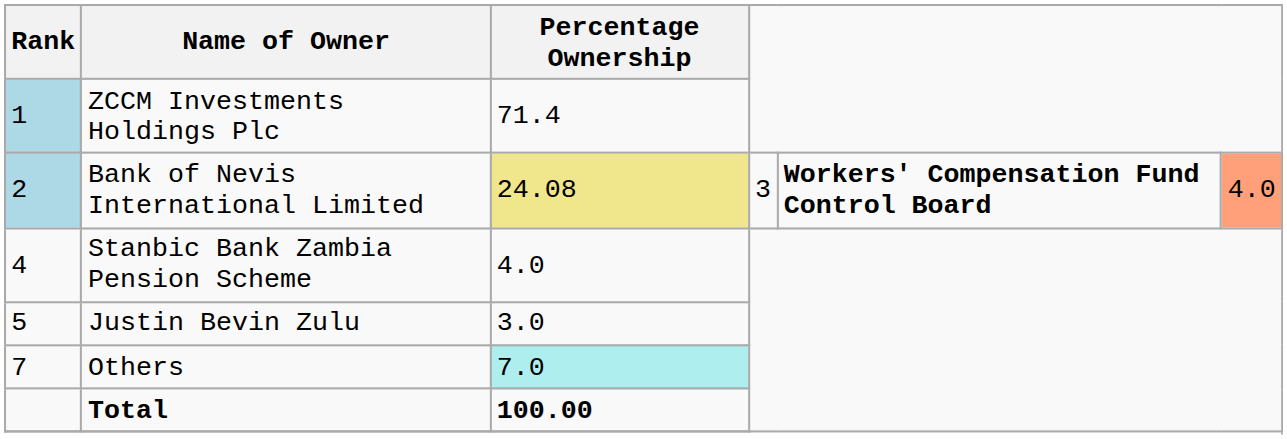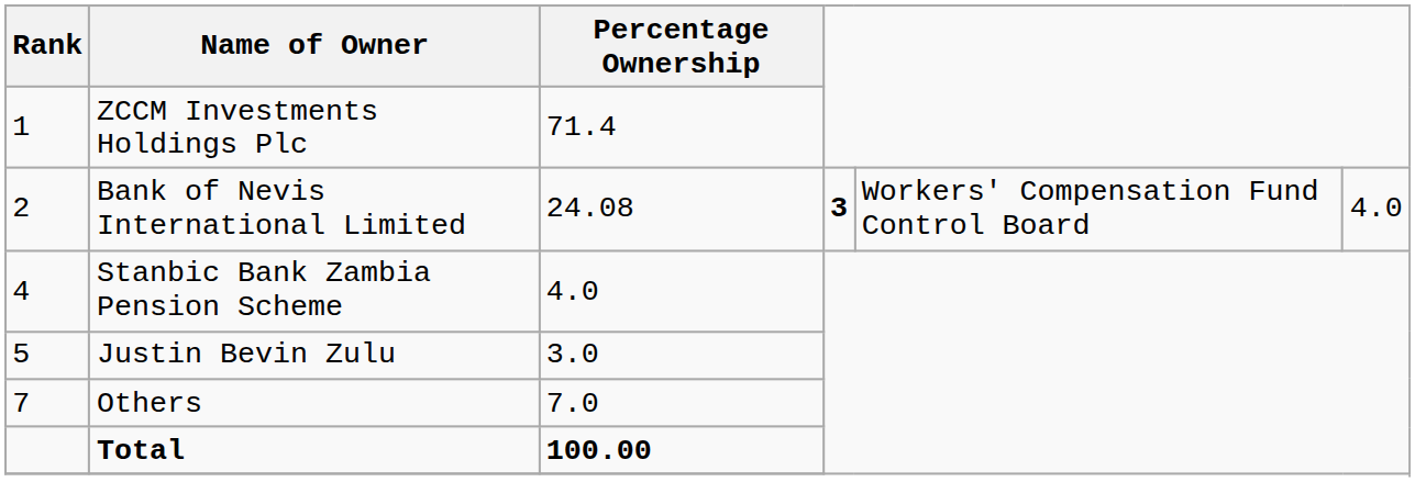 <table class="wikitable sortable" style="margin: 0.5em auto">
 <tr>
 <th>Rank</th>
 <th>Name of Owner</th>
 <th>Percentage Ownership</th>
 </tr>
 <tr>
-<td style="background: lightblue;">1</td>
+<td>1</td>
 <td>ZCCM Investments Holdings Plc</td>
 <td>71.4</td>
 </tr>
 <tr>
-<td style="background: lightblue;">2</td>
+<td>2</td>
 <td>Bank of Nevis International Limited</td>
-<td style="background: khaki;">24.08</td>
-<td>3</td>
-<td><strong>Workers' Compensation Fund Control Board</strong></td>
-<td style="background: lightsalmon;">4.0</td>
+<td>24.08</td>
+<td><strong>3</strong></td>
+<td>Workers' Compensation Fund Control Board</td>
+<td>4.0</td>
 </tr>
 <tr>
 <td>4</td>
 <td>Stanbic Bank Zambia Pension Scheme</td>
 <td>4.0</td>
 </tr>
 <tr>
 <td>5</td>
 <td>Justin Bevin Zulu</td>
 <td>3.0</td>
 </tr>
 <tr>
 <td>7</td>
 <td>Others</td>
-<td style="background: paleturquoise;">7.0</td>
+<td>7.0</td>
 </tr>
 <tr>
 <td></td>
 <td><strong>Total</strong></td>
 <td><strong>100.00</strong></td>
 </tr>
 <tr>
 </tr>
 </table>
